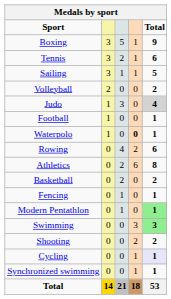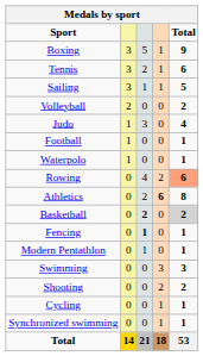 <table class="wikitable" style="font-size:85%; float:right;">
 <tr style="background:#efefef;">
 <th colspan=7><strong>Medals by sport</strong></th>
 </tr>
 <tr align=center>
 <td><strong>Sport</strong></td>
 <td bgcolor=#f7f6a8></td>
 <td bgcolor=#dce5e5></td>
 <td bgcolor=#ffdab9></td>
 <td><strong>Total</strong></td>
 </tr>
 <tr align=center>
 <td><a href='#'>Boxing</a></td>
 <td style="background:#F7F6A8;">3</td>
 <td style="background:#DCE5E5;">5</td>
 <td style="background:#FFDAB9;">1</td>
 <td><strong>9</strong></td>
 </tr>
 <tr align=center>
 <td><a href='#'>Tennis</a></td>
 <td style="background:#F7F6A8;">3</td>
 <td style="background:#DCE5E5;">2</td>
 <td style="background:#FFDAB9;">1</td>
 <td><strong>6</strong></td>
 </tr>
 <tr align=center>
 <td><a href='#'>Sailing</a></td>
 <td style="background:#F7F6A8;">3</td>
 <td style="background:#DCE5E5;">1</td>
 <td style="background:#FFDAB9;">1</td>
 <td><strong>5</strong></td>
 </tr>
 <tr align=center>
 <td><a href='#'>Volleyball</a></td>
 <td style="background:#F7F6A8;">2</td>
 <td style="background:#DCE5E5;">0</td>
 <td style="background:#FFDAB9;">0</td>
 <td><strong>2</strong></td>
 </tr>
 <tr align=center>
 <td><a href='#'>Judo</a></td>
 <td style="background:#F7F6A8;">1</td>
 <td style="background:#DCE5E5;">3</td>
 <td style="background:#FFDAB9;">0</td>
-<td style="background: lightgrey;"><strong>4</strong></td>
+<td><strong>4</strong></td>
 </tr>
 <tr align=center>
 <td><a href='#'>Football</a></td>
 <td style="background:#F7F6A8;">1</td>
 <td style="background:#DCE5E5;">0</td>
 <td style="background:#FFDAB9;">0</td>
 <td><strong>1</strong></td>
 </tr>
 <tr align=center>
 <td><a href='#'>Waterpolo</a></td>
 <td style="background:#F7F6A8;">1</td>
 <td style="background:#DCE5E5;">0</td>
-<td style="background:#FFDAB9;"><strong>0</strong></td>
+<td style="background:#FFDAB9;">0</td>
 <td><strong>1</strong></td>
 </tr>
 <tr align=center>
 <td><a href='#'>Rowing</a></td>
 <td style="background:#F7F6A8;">0</td>
 <td style="background:#DCE5E5;">4</td>
 <td style="background:#FFDAB9;">2</td>
-<td><strong>6</strong></td>
+<td style="background: lightsalmon;"><strong>6</strong></td>
 </tr>
 <tr align=center>
 <td><a href='#'>Athletics</a></td>
 <td style="background:#F7F6A8;">0</td>
 <td style="background:#DCE5E5;">2</td>
-<td style="background:#FFDAB9;">6</td>
+<td style="background:#FFDAB9;"><strong>6</strong></td>
 <td><strong>8</strong></td>
 </tr>
 <tr align=center>
 <td><a href='#'>Basketball</a></td>
 <td style="background:#F7F6A8;">0</td>
-<td style="background:#DCE5E5;">2</td>
+<td style="background:#DCE5E5;"><strong>2</strong></td>
 <td style="background:#FFDAB9;">0</td>
-<td><strong>2</strong></td>
+<td style="background: lightgrey;"><strong>2</strong></td>
 </tr>
 <tr align=center>
 <td><a href='#'>Fencing</a></td>
 <td style="background:#F7F6A8;">0</td>
-<td style="background:#DCE5E5;">1</td>
+<td style="background:#DCE5E5;"><strong>1</strong></td>
 <td style="background:#FFDAB9;">0</td>
 <td><strong>1</strong></td>
 </tr>
 <tr align=center>
 <td><a href='#'>Modern Pentathlon</a></td>
 <td style="background:#F7F6A8;">0</td>
 <td style="background:#DCE5E5;">1</td>
 <td style="background:#FFDAB9;">0</td>
-<td style="background: lightgreen;"><strong>1</strong></td>
+<td><strong>1</strong></td>
 </tr>
 <tr align=center>
 <td><a href='#'>Swimming</a></td>
 <td style="background:#F7F6A8;">0</td>
 <td style="background:#DCE5E5;">0</td>
 <td style="background:#FFDAB9;">3</td>
-<td style="background: lightgreen;"><strong>3</strong></td>
+<td><strong>3</strong></td>
 </tr>
 <tr align=center>
 <td><a href='#'>Shooting</a></td>
 <td style="background:#F7F6A8;">0</td>
 <td style="background:#DCE5E5;">0</td>
 <td style="background:#FFDAB9;">2</td>
 <td><strong>2</strong></td>
 </tr>
 <tr align=center>
 <td><a href='#'>Cycling</a></td>
 <td style="background:#F7F6A8;">0</td>
 <td style="background:#DCE5E5;">0</td>
 <td style="background:#FFDAB9;">1</td>
-<td style="background: lavender;"><strong>1</strong></td>
+<td><strong>1</strong></td>
 </tr>
 <tr align=center>
 <td><a href='#'>Synchronized swimming</a></td>
 <td style="background:#F7F6A8;">0</td>
 <td style="background:#DCE5E5;">0</td>
 <td style="background:#FFDAB9;">1</td>
 <td><strong>1</strong></td>
 </tr>
 <tr align=center>
 <td><strong>Total</strong></td>
 <th style="background:gold;"><strong>14</strong></th>
 <th style="background:silver;"><strong>21</strong></th>
 <th style="background:#c96;"><strong>18</strong></th>
 <th><strong>53</strong></th>
 </tr>
 </table>
